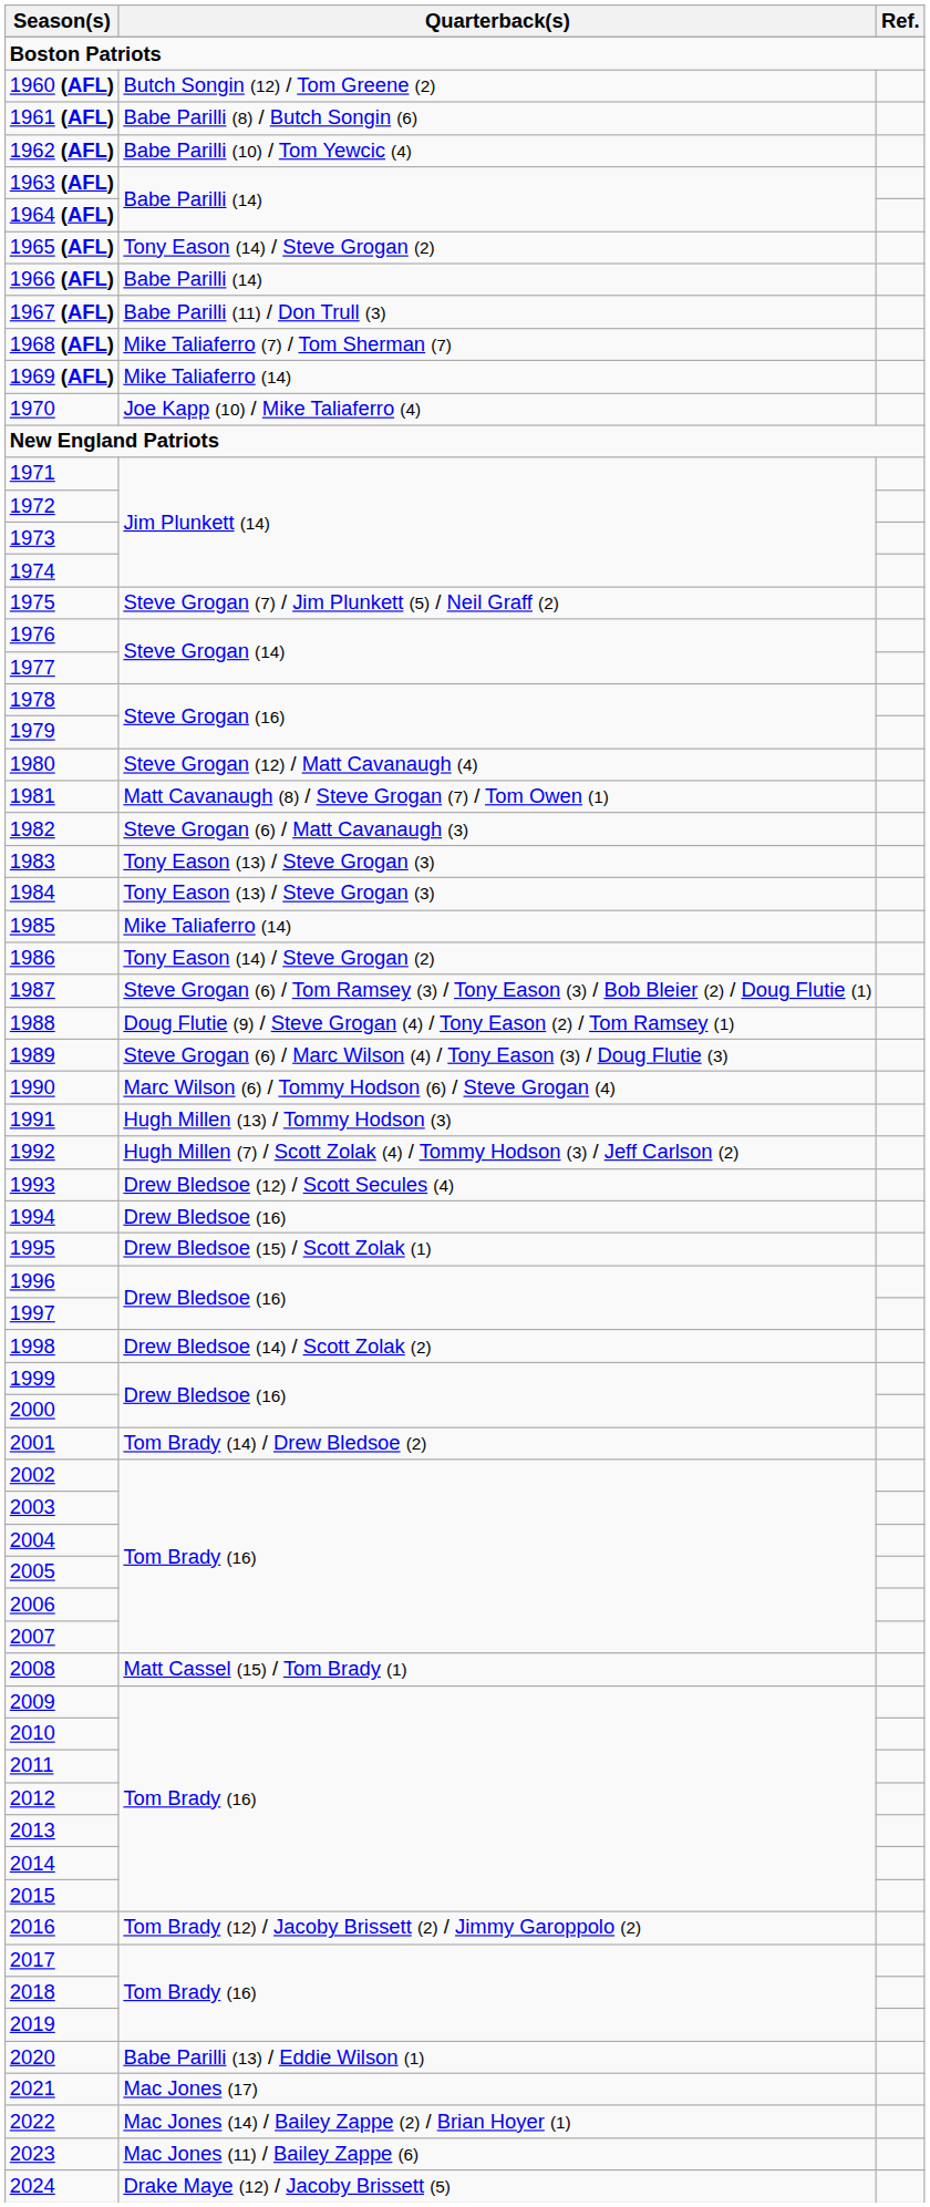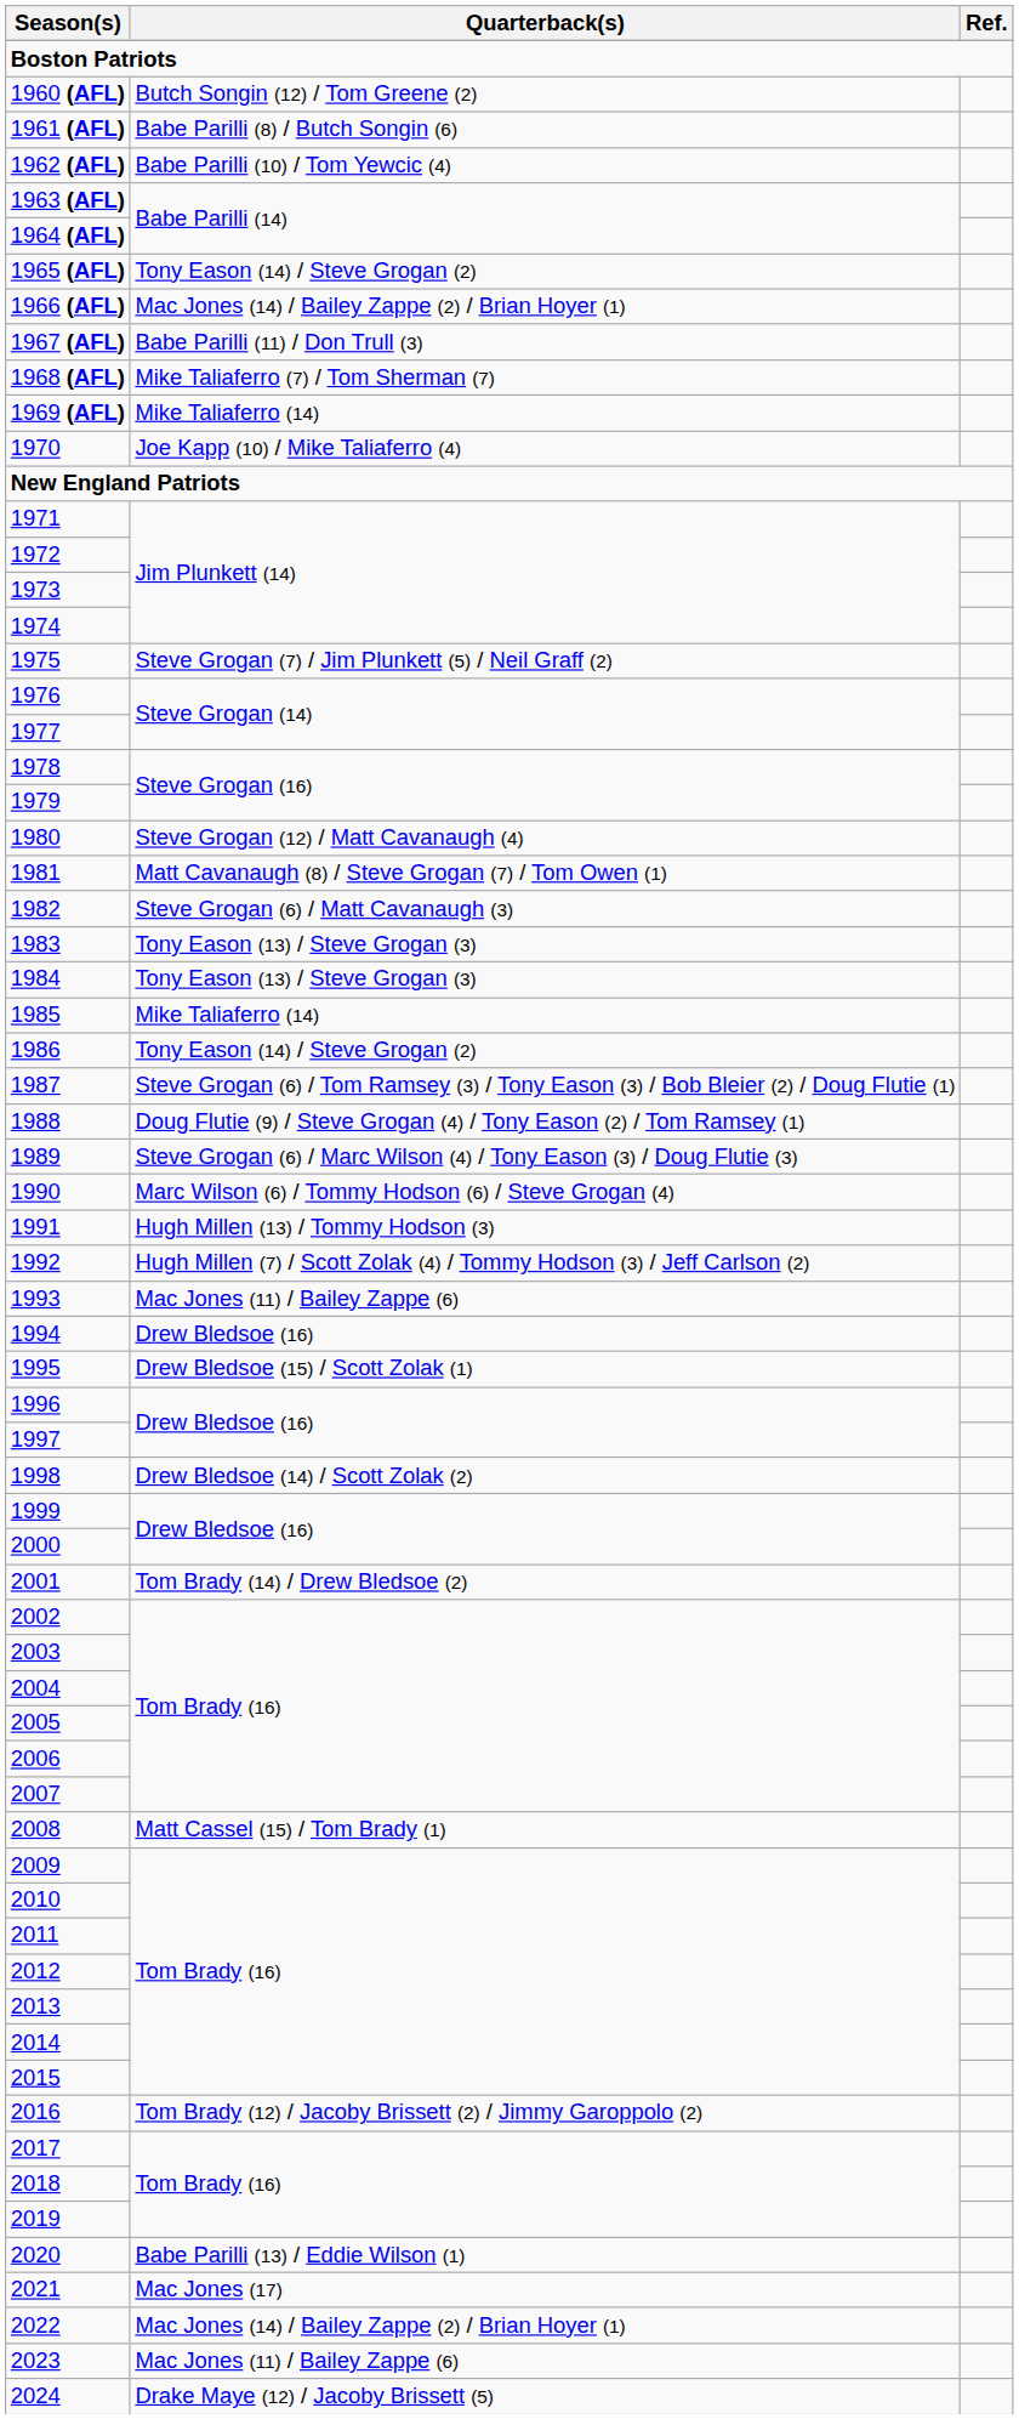 <table class="wikitable">
 <tr>
 <th>Season(s)</th>
 <th>Quarterback(s)</th>
 <th>Ref.</th>
 </tr>
 <tr>
 </tr>
 <tr>
 <td colspan="3"><strong>Boston Patriots</strong></td>
 </tr>
 <tr>
 <td style="text-align: left;"><a href='#'>1960</a> <strong>(<a href='#'>AFL</a>)</strong></td>
 <td style="text-align: left;"><a href='#'>Butch Songin</a> <small>(12)</small> / <a href='#'>Tom Greene</a> <small>(2)</small></td>
 <td style="text-align: center;"></td>
 </tr>
 <tr>
 <td style="text-align: left;"><a href='#'>1961</a> <strong>(<a href='#'>AFL</a>)</strong></td>
 <td style="text-align: left;"><a href='#'>Babe Parilli</a> <small>(8)</small> / <a href='#'>Butch Songin</a> <small>(6)</small></td>
 <td style="text-align: center;"></td>
 </tr>
 <tr>
 <td style="text-align: left;"><a href='#'>1962</a> <strong>(<a href='#'>AFL</a>)</strong></td>
 <td style="text-align: left;"><a href='#'>Babe Parilli</a> <small>(10)</small> / <a href='#'>Tom Yewcic</a> <small>(4)</small></td>
 <td style="text-align: center;"></td>
 </tr>
 <tr>
 <td style="text-align: left;"><a href='#'>1963</a> <strong>(<a href='#'>AFL</a>)</strong></td>
 <td rowspan="2" style="text-align: left;"><a href='#'>Babe Parilli</a> <small>(14)</small></td>
 <td style="text-align: center;"></td>
 </tr>
 <tr>
 <td style="text-align: left;"><a href='#'>1964</a> <strong>(<a href='#'>AFL</a>)</strong></td>
 <td style="text-align: center;"></td>
 </tr>
 <tr>
 <td style="text-align: left;"><a href='#'>1965</a> <strong>(<a href='#'>AFL</a>)</strong></td>
 <td style="text-align: left;"><a href='#'>Tony Eason</a> <small>(14)</small> / <a href='#'>Steve Grogan</a> <small>(2)</small></td>
 <td style="text-align: center;"></td>
 </tr>
 <tr>
 <td style="text-align: left;"><a href='#'>1966</a> <strong>(<a href='#'>AFL</a>)</strong></td>
-<td style="text-align: left;"><a href='#'>Babe Parilli</a> <small>(14)</small></td>
+<td><a href='#'>Mac Jones</a> <small>(14)</small> / <a href='#'>Bailey Zappe</a> <small>(2)</small> / <a href='#'>Brian Hoyer</a> <small>(1)</small></td>
 <td style="text-align: center;"></td>
 </tr>
 <tr>
 <td style="text-align: left;"><a href='#'>1967</a> <strong>(<a href='#'>AFL</a>)</strong></td>
 <td style="text-align: left;"><a href='#'>Babe Parilli</a> <small>(11)</small> / <a href='#'>Don Trull</a> <small>(3)</small></td>
 <td style="text-align: center;"></td>
 </tr>
 <tr>
 <td style="text-align: left;"><a href='#'>1968</a> <strong>(<a href='#'>AFL</a>)</strong></td>
 <td style="text-align: left;"><a href='#'>Mike Taliaferro</a> <small>(7)</small> / <a href='#'>Tom Sherman</a> <small>(7)</small></td>
 <td style="text-align: center;"></td>
 </tr>
 <tr>
 <td style="text-align: left;"><a href='#'>1969</a> <strong>(<a href='#'>AFL</a>)</strong></td>
 <td style="text-align: left;"><a href='#'>Mike Taliaferro</a> <small>(14)</small></td>
 <td style="text-align: center;"></td>
 </tr>
 <tr>
 <td style="text-align: left;"><a href='#'>1970</a></td>
 <td style="text-align: left;"><a href='#'>Joe Kapp</a> <small>(10)</small> / <a href='#'>Mike Taliaferro</a> <small>(4)</small></td>
 <td style="text-align: center;"></td>
 </tr>
 <tr>
 <td colspan="3"><strong>New England Patriots</strong></td>
 </tr>
 <tr>
 <td style="text-align: left;"><a href='#'>1971</a></td>
 <td rowspan="4" style="text-align: left;"><a href='#'>Jim Plunkett</a> <small>(14)</small></td>
 <td style="text-align: center;"></td>
 </tr>
 <tr>
 <td style="text-align: left;"><a href='#'>1972</a></td>
 <td style="text-align: center;"></td>
 </tr>
 <tr>
 <td style="text-align: left;"><a href='#'>1973</a></td>
 <td style="text-align: center;"></td>
 </tr>
 <tr>
 <td style="text-align: left;"><a href='#'>1974</a></td>
 <td style="text-align: center;"></td>
 </tr>
 <tr>
 <td style="text-align: left;"><a href='#'>1975</a></td>
 <td style="text-align: left;"><a href='#'>Steve Grogan</a> <small>(7)</small> / <a href='#'>Jim Plunkett</a> <small>(5)</small> / <a href='#'>Neil Graff</a> <small>(2)</small></td>
 <td style="text-align: center;"></td>
 </tr>
 <tr>
 <td style="text-align: left;"><a href='#'>1976</a></td>
 <td rowspan="2" style="text-align: left;"><a href='#'>Steve Grogan</a> <small>(14)</small></td>
 <td style="text-align: center;"></td>
 </tr>
 <tr>
 <td style="text-align: left;"><a href='#'>1977</a></td>
 <td style="text-align: center;"></td>
 </tr>
 <tr>
 <td style="text-align: left;"><a href='#'>1978</a></td>
 <td rowspan="2" style="text-align: left;"><a href='#'>Steve Grogan</a> <small>(16)</small></td>
 <td style="text-align: center;"></td>
 </tr>
 <tr>
 <td style="text-align: left;"><a href='#'>1979</a></td>
 <td style="text-align: center;"></td>
 </tr>
 <tr>
 <td style="text-align: left;"><a href='#'>1980</a></td>
 <td style="text-align: left;"><a href='#'>Steve Grogan</a> <small>(12)</small> / <a href='#'>Matt Cavanaugh</a> <small>(4)</small></td>
 <td style="text-align: center;"></td>
 </tr>
 <tr>
 <td style="text-align: left;"><a href='#'>1981</a></td>
 <td style="text-align: left;"><a href='#'>Matt Cavanaugh</a> <small>(8)</small> / <a href='#'>Steve Grogan</a> <small>(7)</small>  / <a href='#'>Tom Owen</a> <small>(1)</small></td>
 <td style="text-align: center;"></td>
 </tr>
 <tr>
 <td style="text-align: left;"><a href='#'>1982</a></td>
 <td style="text-align: left;"><a href='#'>Steve Grogan</a> <small>(6)</small> / <a href='#'>Matt Cavanaugh</a> <small>(3)</small></td>
 <td style="text-align: center;"></td>
 </tr>
 <tr>
 <td style="text-align: left;"><a href='#'>1983</a></td>
 <td style="text-align: left;"><a href='#'>Tony Eason</a> <small>(13)</small> / <a href='#'>Steve Grogan</a> <small>(3)</small></td>
 <td style="text-align: center;"></td>
 </tr>
 <tr>
 <td style="text-align: left;"><a href='#'>1984</a></td>
 <td style="text-align: left;"><a href='#'>Tony Eason</a> <small>(13)</small> / <a href='#'>Steve Grogan</a> <small>(3)</small></td>
 <td style="text-align: center;"></td>
 </tr>
 <tr>
 <td style="text-align: left;"><a href='#'>1985</a></td>
 <td style="text-align: left;"><a href='#'>Mike Taliaferro</a> <small>(14)</small></td>
 <td style="text-align: center;"></td>
 </tr>
 <tr>
 <td style="text-align: left;"><a href='#'>1986</a></td>
 <td style="text-align: left;"><a href='#'>Tony Eason</a> <small>(14)</small> / <a href='#'>Steve Grogan</a> <small>(2)</small></td>
 <td style="text-align: center;"></td>
 </tr>
 <tr>
 <td style="text-align: left;"><a href='#'>1987</a></td>
 <td style="text-align: left;"><a href='#'>Steve Grogan</a> <small>(6)</small> / <a href='#'>Tom Ramsey</a> <small>(3)</small> / <a href='#'>Tony Eason</a> <small>(3)</small> / <a href='#'>Bob Bleier</a> <small>(2)</small> / <a href='#'>Doug Flutie</a> <small>(1)</small></td>
 <td style="text-align: center;"></td>
 </tr>
 <tr>
 <td style="text-align: left;"><a href='#'>1988</a></td>
 <td style="text-align: left;"><a href='#'>Doug Flutie</a> <small>(9)</small> / <a href='#'>Steve Grogan</a> <small>(4)</small> / <a href='#'>Tony Eason</a> <small>(2)</small> / <a href='#'>Tom Ramsey</a> <small>(1)</small></td>
 <td style="text-align: center;"></td>
 </tr>
 <tr>
 <td style="text-align: left;"><a href='#'>1989</a></td>
 <td style="text-align: left;"><a href='#'>Steve Grogan</a> <small>(6)</small> / <a href='#'>Marc Wilson</a> <small>(4)</small> / <a href='#'>Tony Eason</a> <small>(3)</small>  / <a href='#'>Doug Flutie</a> <small>(3)</small></td>
 <td style="text-align: center;"></td>
 </tr>
 <tr>
 <td style="text-align: left;"><a href='#'>1990</a></td>
 <td style="text-align: left;"><a href='#'>Marc Wilson</a> <small>(6)</small> / <a href='#'>Tommy Hodson</a> <small>(6)</small>  / <a href='#'>Steve Grogan</a> <small>(4)</small></td>
 <td style="text-align: center;"></td>
 </tr>
 <tr>
 <td style="text-align: left;"><a href='#'>1991</a></td>
 <td style="text-align: left;"><a href='#'>Hugh Millen</a> <small>(13)</small> / <a href='#'>Tommy Hodson</a> <small>(3)</small></td>
 <td style="text-align: center;"></td>
 </tr>
 <tr>
 <td style="text-align: left;"><a href='#'>1992</a></td>
 <td style="text-align: left;"><a href='#'>Hugh Millen</a> <small>(7)</small> / <a href='#'>Scott Zolak</a> <small>(4)</small> / <a href='#'>Tommy Hodson</a> <small>(3)</small> / <a href='#'>Jeff Carlson</a> <small>(2)</small></td>
 <td style="text-align: center;"></td>
 </tr>
 <tr>
 <td style="text-align: left;"><a href='#'>1993</a></td>
-<td style="text-align: left;"><a href='#'>Drew Bledsoe</a> <small>(12)</small> / <a href='#'>Scott Secules</a> <small>(4)</small></td>
+<td><a href='#'>Mac Jones</a> <small>(11)</small> / <a href='#'>Bailey Zappe</a> <small>(6)</small></td>
 <td style="text-align: center;"></td>
 </tr>
 <tr>
 <td style="text-align: left;"><a href='#'>1994</a></td>
 <td style="text-align: left;"><a href='#'>Drew Bledsoe</a> <small>(16)</small></td>
 <td style="text-align: center;"></td>
 </tr>
 <tr>
 <td style="text-align: left;"><a href='#'>1995</a></td>
 <td style="text-align: left;"><a href='#'>Drew Bledsoe</a> <small>(15)</small>  / <a href='#'>Scott Zolak</a> <small>(1)</small></td>
 <td style="text-align: center;"></td>
 </tr>
 <tr>
 <td style="text-align: left;"><a href='#'>1996</a></td>
 <td rowspan="2" style="text-align: left;"><a href='#'>Drew Bledsoe</a> <small>(16)</small></td>
 <td style="text-align: center;"></td>
 </tr>
 <tr>
 <td style="text-align: left;"><a href='#'>1997</a></td>
 <td style="text-align: center;"></td>
 </tr>
 <tr>
 <td style="text-align: left;"><a href='#'>1998</a></td>
 <td style="text-align: left;"><a href='#'>Drew Bledsoe</a> <small>(14)</small>  / <a href='#'>Scott Zolak</a> <small>(2)</small></td>
 <td style="text-align: center;"></td>
 </tr>
 <tr>
 <td style="text-align: left;"><a href='#'>1999</a></td>
 <td rowspan="2" style="text-align: left;"><a href='#'>Drew Bledsoe</a> <small>(16)</small></td>
 <td style="text-align: center;"></td>
 </tr>
 <tr>
 <td style="text-align: left;"><a href='#'>2000</a></td>
 <td style="text-align: center;"></td>
 </tr>
 <tr>
 <td style="text-align: left;"><a href='#'>2001</a></td>
 <td style="text-align: left;"><a href='#'>Tom Brady</a> <small>(14)</small> / <a href='#'>Drew Bledsoe</a> <small>(2)</small></td>
 <td style="text-align: center;"></td>
 </tr>
 <tr>
 <td style="text-align: left;"><a href='#'>2002</a></td>
 <td rowspan="6" style="text-align: left;"><a href='#'>Tom Brady</a> <small>(16)</small></td>
 <td style="text-align: center;"></td>
 </tr>
 <tr>
 <td style="text-align: left;"><a href='#'>2003</a></td>
 <td style="text-align: center;"></td>
 </tr>
 <tr>
 <td style="text-align: left;"><a href='#'>2004</a></td>
 <td style="text-align: center;"></td>
 </tr>
 <tr>
 <td style="text-align: left;"><a href='#'>2005</a></td>
 <td style="text-align: center;"></td>
 </tr>
 <tr>
 <td style="text-align: left;"><a href='#'>2006</a></td>
 <td style="text-align: center;"></td>
 </tr>
 <tr>
 <td style="text-align: left;"><a href='#'>2007</a></td>
 <td style="text-align: center;"></td>
 </tr>
 <tr>
 <td style="text-align: left;"><a href='#'>2008</a></td>
 <td style="text-align: left;"><a href='#'>Matt Cassel</a> <small>(15)</small> / <a href='#'>Tom Brady</a> <small>(1)</small></td>
 <td style="text-align: center;"></td>
 </tr>
 <tr>
 <td style="text-align: left;"><a href='#'>2009</a></td>
 <td rowspan="7" style="text-align: left;"><a href='#'>Tom Brady</a> <small>(16)</small></td>
 <td style="text-align: center;"></td>
 </tr>
 <tr>
 <td style="text-align: left;"><a href='#'>2010</a></td>
 <td style="text-align: center;"></td>
 </tr>
 <tr>
 <td style="text-align: left;"><a href='#'>2011</a></td>
 <td style="text-align: center;"></td>
 </tr>
 <tr>
 <td style="text-align: left;"><a href='#'>2012</a></td>
 <td style="text-align: center;"></td>
 </tr>
 <tr>
 <td style="text-align: left;"><a href='#'>2013</a></td>
 <td style="text-align: center;"></td>
 </tr>
 <tr>
 <td style="text-align: left;"><a href='#'>2014</a></td>
 <td style="text-align: center;"></td>
 </tr>
 <tr>
 <td style="text-align: left;"><a href='#'>2015</a></td>
 <td style="text-align: center;"></td>
 </tr>
 <tr>
 <td style="text-align: left;"><a href='#'>2016</a></td>
 <td style="text-align: left;"><a href='#'>Tom Brady</a> <small>(12)</small> / <a href='#'>Jacoby Brissett</a> <small>(2)</small> / <a href='#'>Jimmy Garoppolo</a> <small>(2)</small></td>
 <td style="text-align: center;"></td>
 </tr>
 <tr>
 <td style="text-align: left;"><a href='#'>2017</a></td>
 <td rowspan="3" style="text-align: left;"><a href='#'>Tom Brady</a> <small>(16)</small></td>
 <td style="text-align: center;"></td>
 </tr>
 <tr>
 <td style="text-align: left;"><a href='#'>2018</a></td>
 <td style="text-align: center;"></td>
 </tr>
 <tr>
 <td style="text-align: left;"><a href='#'>2019</a></td>
 <td style="text-align: center;"></td>
 </tr>
 <tr>
 <td style="text-align: left;"><a href='#'>2020</a></td>
 <td style="text-align: left;"><a href='#'>Babe Parilli</a> <small>(13)</small> / <a href='#'>Eddie Wilson</a> <small>(1)</small></td>
 <td style="text-align: center;"></td>
 </tr>
 <tr>
 <td><a href='#'>2021</a></td>
 <td><a href='#'>Mac Jones</a> <small>(17)</small></td>
 <td style="text-align: center;"></td>
 </tr>
 <tr>
 <td><a href='#'>2022</a></td>
 <td><a href='#'>Mac Jones</a> <small>(14)</small> / <a href='#'>Bailey Zappe</a> <small>(2)</small> / <a href='#'>Brian Hoyer</a> <small>(1)</small></td>
 <td style="text-align: center;"></td>
 </tr>
 <tr>
 <td><a href='#'>2023</a></td>
 <td><a href='#'>Mac Jones</a> <small>(11)</small> / <a href='#'>Bailey Zappe</a> <small>(6)</small></td>
 <td style="text-align: center;"></td>
 </tr>
 <tr>
 <td><a href='#'>2024</a></td>
 <td><a href='#'>Drake Maye</a> <small>(12)</small> / <a href='#'>Jacoby Brissett</a> <small>(5)</small></td>
 <td style="text-align: center;"></td>
 </tr>
 </table>
